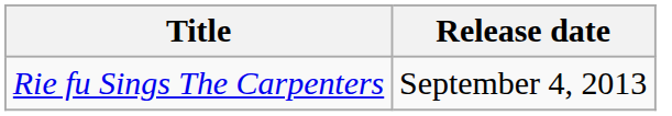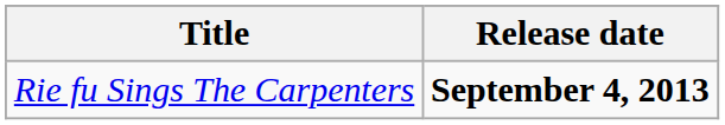 <table class="wikitable">
 <tr>
 <th>Title</th>
 <th>Release date</th>
 </tr>
 <tr>
 <td><em><a href='#'>Rie fu Sings The Carpenters</a></em></td>
-<td>September 4, 2013</td>
+<td><strong>September 4, 2013</strong></td>
 </tr>
 </table>
